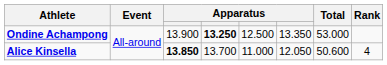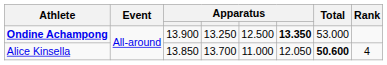 <table class=wikitable style=font-size:90%;text-align:center>
 <tr>
 <th rowspan=2>Athlete</th>
 <th rowspan=2>Event</th>
 <th colspan=4>Apparatus</th>
 <th rowspan=2>Total</th>
 <th rowspan=2>Rank</th>
 </tr>
 <tr style="font-size:95%">
 <th></th>
 <th></th>
 <th></th>
 <th></th>
 </tr>
 <tr>
 <td align=left><strong><a href='#'>Ondine Achampong</a></strong></td>
 <td align=left rowspan=2><a href='#'>All-around</a></td>
 <td>13.900</td>
-<td><strong>13.250</strong></td>
+<td>13.250</td>
 <td>12.500</td>
-<td>13.350</td>
+<td><strong>13.350</strong></td>
 <td>53.000</td>
 <td></td>
 </tr>
 <tr>
-<td align=left><strong><a href='#'>Alice Kinsella</a></strong></td>
-<td><strong>13.850</strong></td>
+<td align=left><a href='#'>Alice Kinsella</a></td>
+<td>13.850</td>
 <td>13.700</td>
 <td>11.000</td>
 <td>12.050</td>
-<td>50.600</td>
+<td><strong>50.600</strong></td>
 <td>4</td>
 </tr>
 </table>
